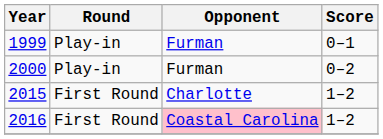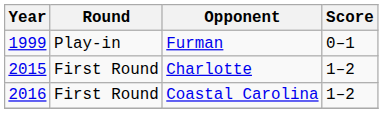 <table class="wikitable">
 <tr>
 <th width=px>Year</th>
 <th width=px>Round</th>
 <th width=px>Opponent</th>
 <th width=px>Score</th>
 </tr>
 <tr>
 <td><a href='#'>1999</a></td>
 <td>Play-in</td>
 <td><a href='#'>Furman</a></td>
 <td>0–1</td>
 </tr>
 <tr>
-<td><a href='#'>2000</a></td>
-<td>Play-in</td>
-<td>Furman</td>
-<td>0–2</td>
-</tr>
-<tr>
 <td><a href='#'>2015</a></td>
 <td>First Round</td>
 <td><a href='#'>Charlotte</a></td>
 <td>1–2</td>
 </tr>
 <tr>
 <td><a href='#'>2016</a></td>
 <td>First Round</td>
-<td style="background: pink;"><a href='#'>Coastal Carolina</a></td>
+<td><a href='#'>Coastal Carolina</a></td>
 <td>1–2</td>
 </tr>
 <tr>
 </tr>
 </table>
